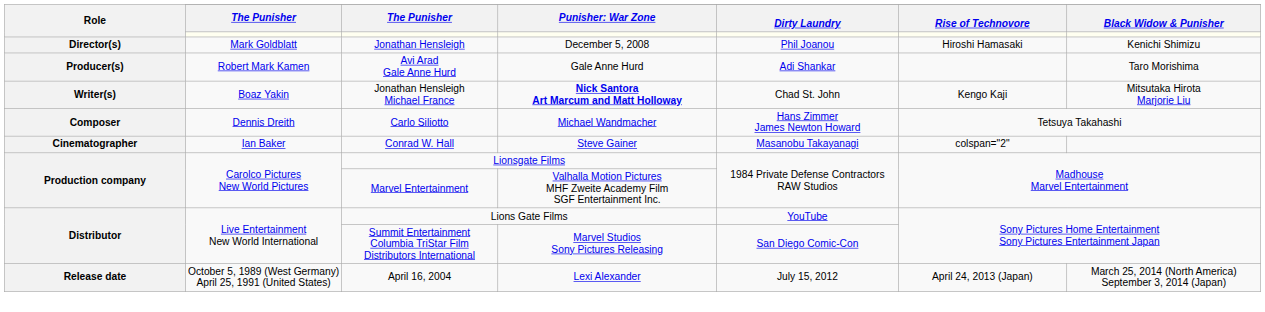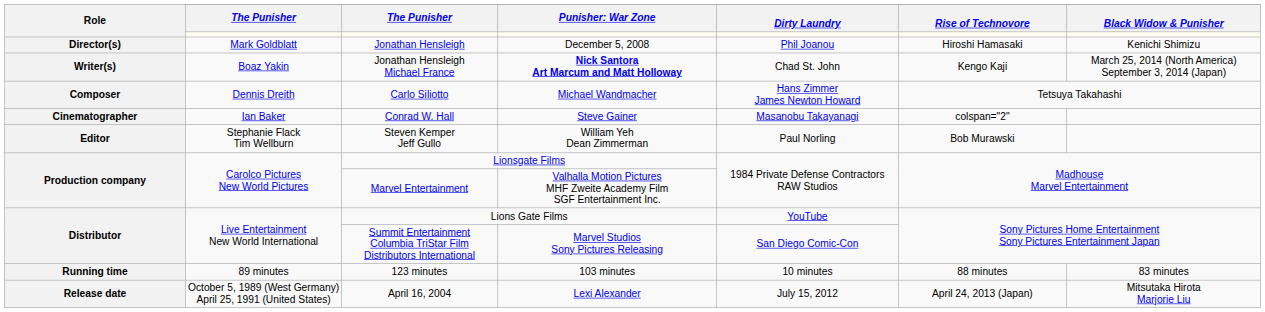 <table class="wikitable" style="text-align:center; width:99%;">
 <tr>
 <th rowspan="3" align="center" width="14.3%">Role</th>
 </tr>
 <tr>
 <th align="center" width="12.3%"><a href='#'><em>The Punisher</em></a></th>
 <th align="center" width="12.3%"><a href='#'><em>The Punisher</em></a></th>
 <th align="center" width="17.3%"><em><a href='#'>Punisher: War Zone</a></em></th>
 <th align="center" width="14.3%"><a href='#'><em><br>Dirty Laundry</em></a></th>
 <th align="center" width="13.3%"><a href='#'><em><br>Rise of Technovore</em></a></th>
 <th align="center" width="15.3%"><a href='#'><em><br>Black Widow & Punisher</em></a></th>
 </tr>
 <tr>
 <td style="background:ivory;"></td>
 <td style="background:ivory;"></td>
 <td style="background:ivory;"></td>
 <td style="background:ivory;"></td>
 <td style="background:ivory;"></td>
 <td style="background:ivory;"></td>
 </tr>
 <tr>
 <th>Director(s)</th>
 <td><a href='#'>Mark Goldblatt</a></td>
 <td><a href='#'>Jonathan Hensleigh</a></td>
 <td>December 5, 2008</td>
 <td><a href='#'>Phil Joanou</a></td>
 <td>Hiroshi Hamasaki</td>
 <td>Kenichi Shimizu</td>
 </tr>
 <tr>
-<th>Producer(s)</th>
-<td><a href='#'>Robert Mark Kamen</a></td>
-<td><a href='#'>Avi Arad</a><br><a href='#'>Gale Anne Hurd</a></td>
-<td>Gale Anne Hurd</td>
-<td><a href='#'>Adi Shankar</a></td>
-<td></td>
-<td>Taro Morishima</td>
-</tr>
-<tr>
 <th>Writer(s)</th>
 <td><a href='#'>Boaz Yakin</a></td>
 <td>Jonathan Hensleigh<br><a href='#'>Michael France</a></td>
 <td><strong><a href='#'>Nick Santora</a><br><a href='#'>Art Marcum and Matt Holloway</a></strong></td>
 <td>Chad St. John</td>
 <td>Kengo Kaji</td>
-<td>Mitsutaka Hirota<br><a href='#'>Marjorie Liu</a></td>
+<td>March 25, 2014 (North America)<br>September 3, 2014 (Japan)</td>
 </tr>
 <tr>
 <th>Composer</th>
 <td><a href='#'>Dennis Dreith</a></td>
 <td><a href='#'>Carlo Siliotto</a></td>
 <td><a href='#'>Michael Wandmacher</a></td>
 <td><a href='#'>Hans Zimmer</a><br><a href='#'>James Newton Howard</a></td>
 <td colspan="2">Tetsuya Takahashi</td>
 </tr>
 <tr>
 <th>Cinematographer</th>
 <td><a href='#'>Ian Baker</a></td>
 <td><a href='#'>Conrad W. Hall</a></td>
 <td><a href='#'>Steve Gainer</a></td>
 <td><a href='#'>Masanobu Takayanagi</a></td>
 <td>colspan="2" </td>
+</tr>
+<tr>
+<th>Editor</th>
+<td>Stephanie Flack<br>Tim Wellburn</td>
+<td>Steven Kemper<br>Jeff Gullo</td>
+<td>William Yeh<br>Dean Zimmerman</td>
+<td>Paul Norling</td>
+<td>Bob Murawski</td>
+<td></td>
 </tr>
 <tr>
 <th rowspan="2">Production company</th>
 <td rowspan="2"><a href='#'>Carolco Pictures</a><br><a href='#'>New World Pictures</a></td>
 <td colspan="2"><a href='#'>Lionsgate Films</a></td>
 <td rowspan="2">1984 Private Defense Contractors<br>RAW Studios</td>
 <td rowspan="2" colspan="2"><a href='#'>Madhouse</a><br><a href='#'>Marvel Entertainment</a></td>
 </tr>
 <tr>
 <td><a href='#'>Marvel Entertainment</a></td>
 <td><a href='#'>Valhalla Motion Pictures</a><br>MHF Zweite Academy Film<br>SGF Entertainment Inc.</td>
 </tr>
 <tr>
 <th rowspan="2">Distributor</th>
 <td rowspan="2"><a href='#'>Live Entertainment</a><br>New World International</td>
 <td colspan="2">Lions Gate Films</td>
 <td><a href='#'>YouTube</a></td>
 <td rowspan="2" colspan="2"><a href='#'>Sony Pictures Home Entertainment</a><br><a href='#'>Sony Pictures Entertainment Japan</a></td>
 </tr>
 <tr>
 <td><a href='#'>Summit Entertainment</a><br><a href='#'>Columbia TriStar Film Distributors International</a></td>
 <td><a href='#'>Marvel Studios</a><br><a href='#'>Sony Pictures Releasing</a></td>
 <td><a href='#'>San Diego Comic-Con</a></td>
 </tr>
 <tr>
+<th>Running time</th>
+<td>89 minutes</td>
+<td>123 minutes</td>
+<td>103 minutes</td>
+<td>10 minutes</td>
+<td>88 minutes</td>
+<td>83 minutes</td>
+</tr>
+<tr>
 <th>Release date</th>
 <td>October 5, 1989 (West Germany)<br>April 25, 1991 (United States)</td>
 <td>April 16, 2004</td>
 <td><a href='#'>Lexi Alexander</a></td>
 <td>July 15, 2012</td>
 <td>April 24, 2013 (Japan)</td>
-<td>March 25, 2014 (North America)<br>September 3, 2014 (Japan)</td>
+<td>Mitsutaka Hirota<br><a href='#'>Marjorie Liu</a></td>
 </tr>
 </table>
